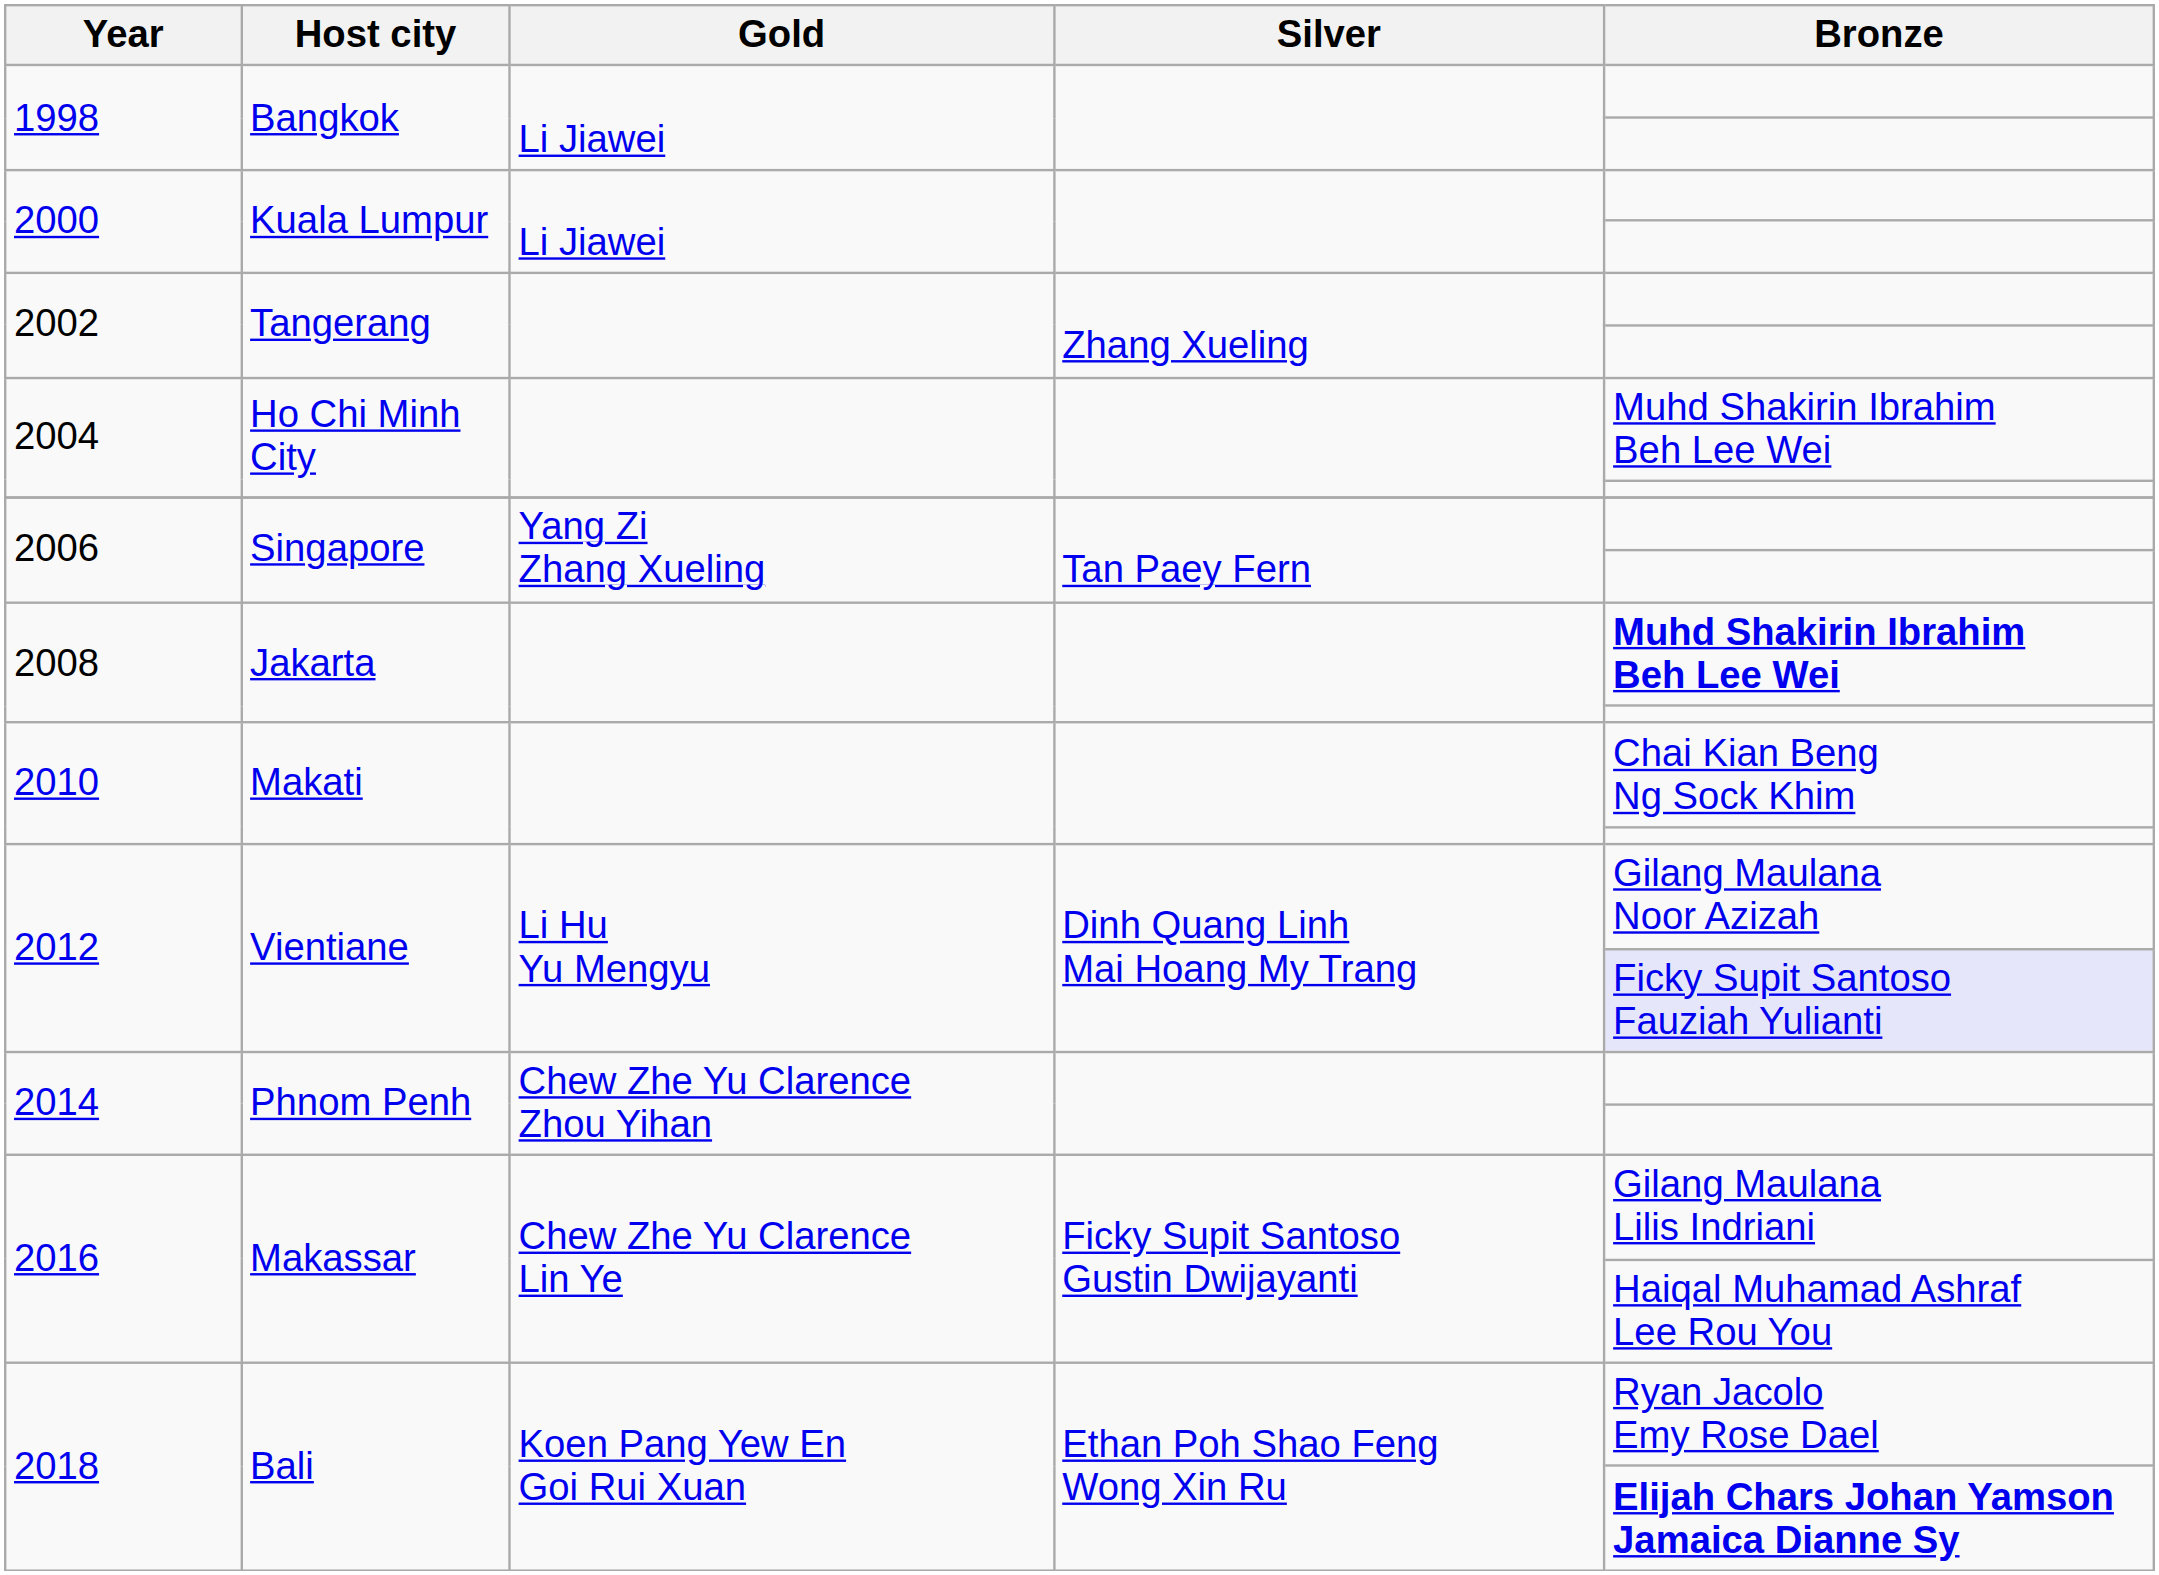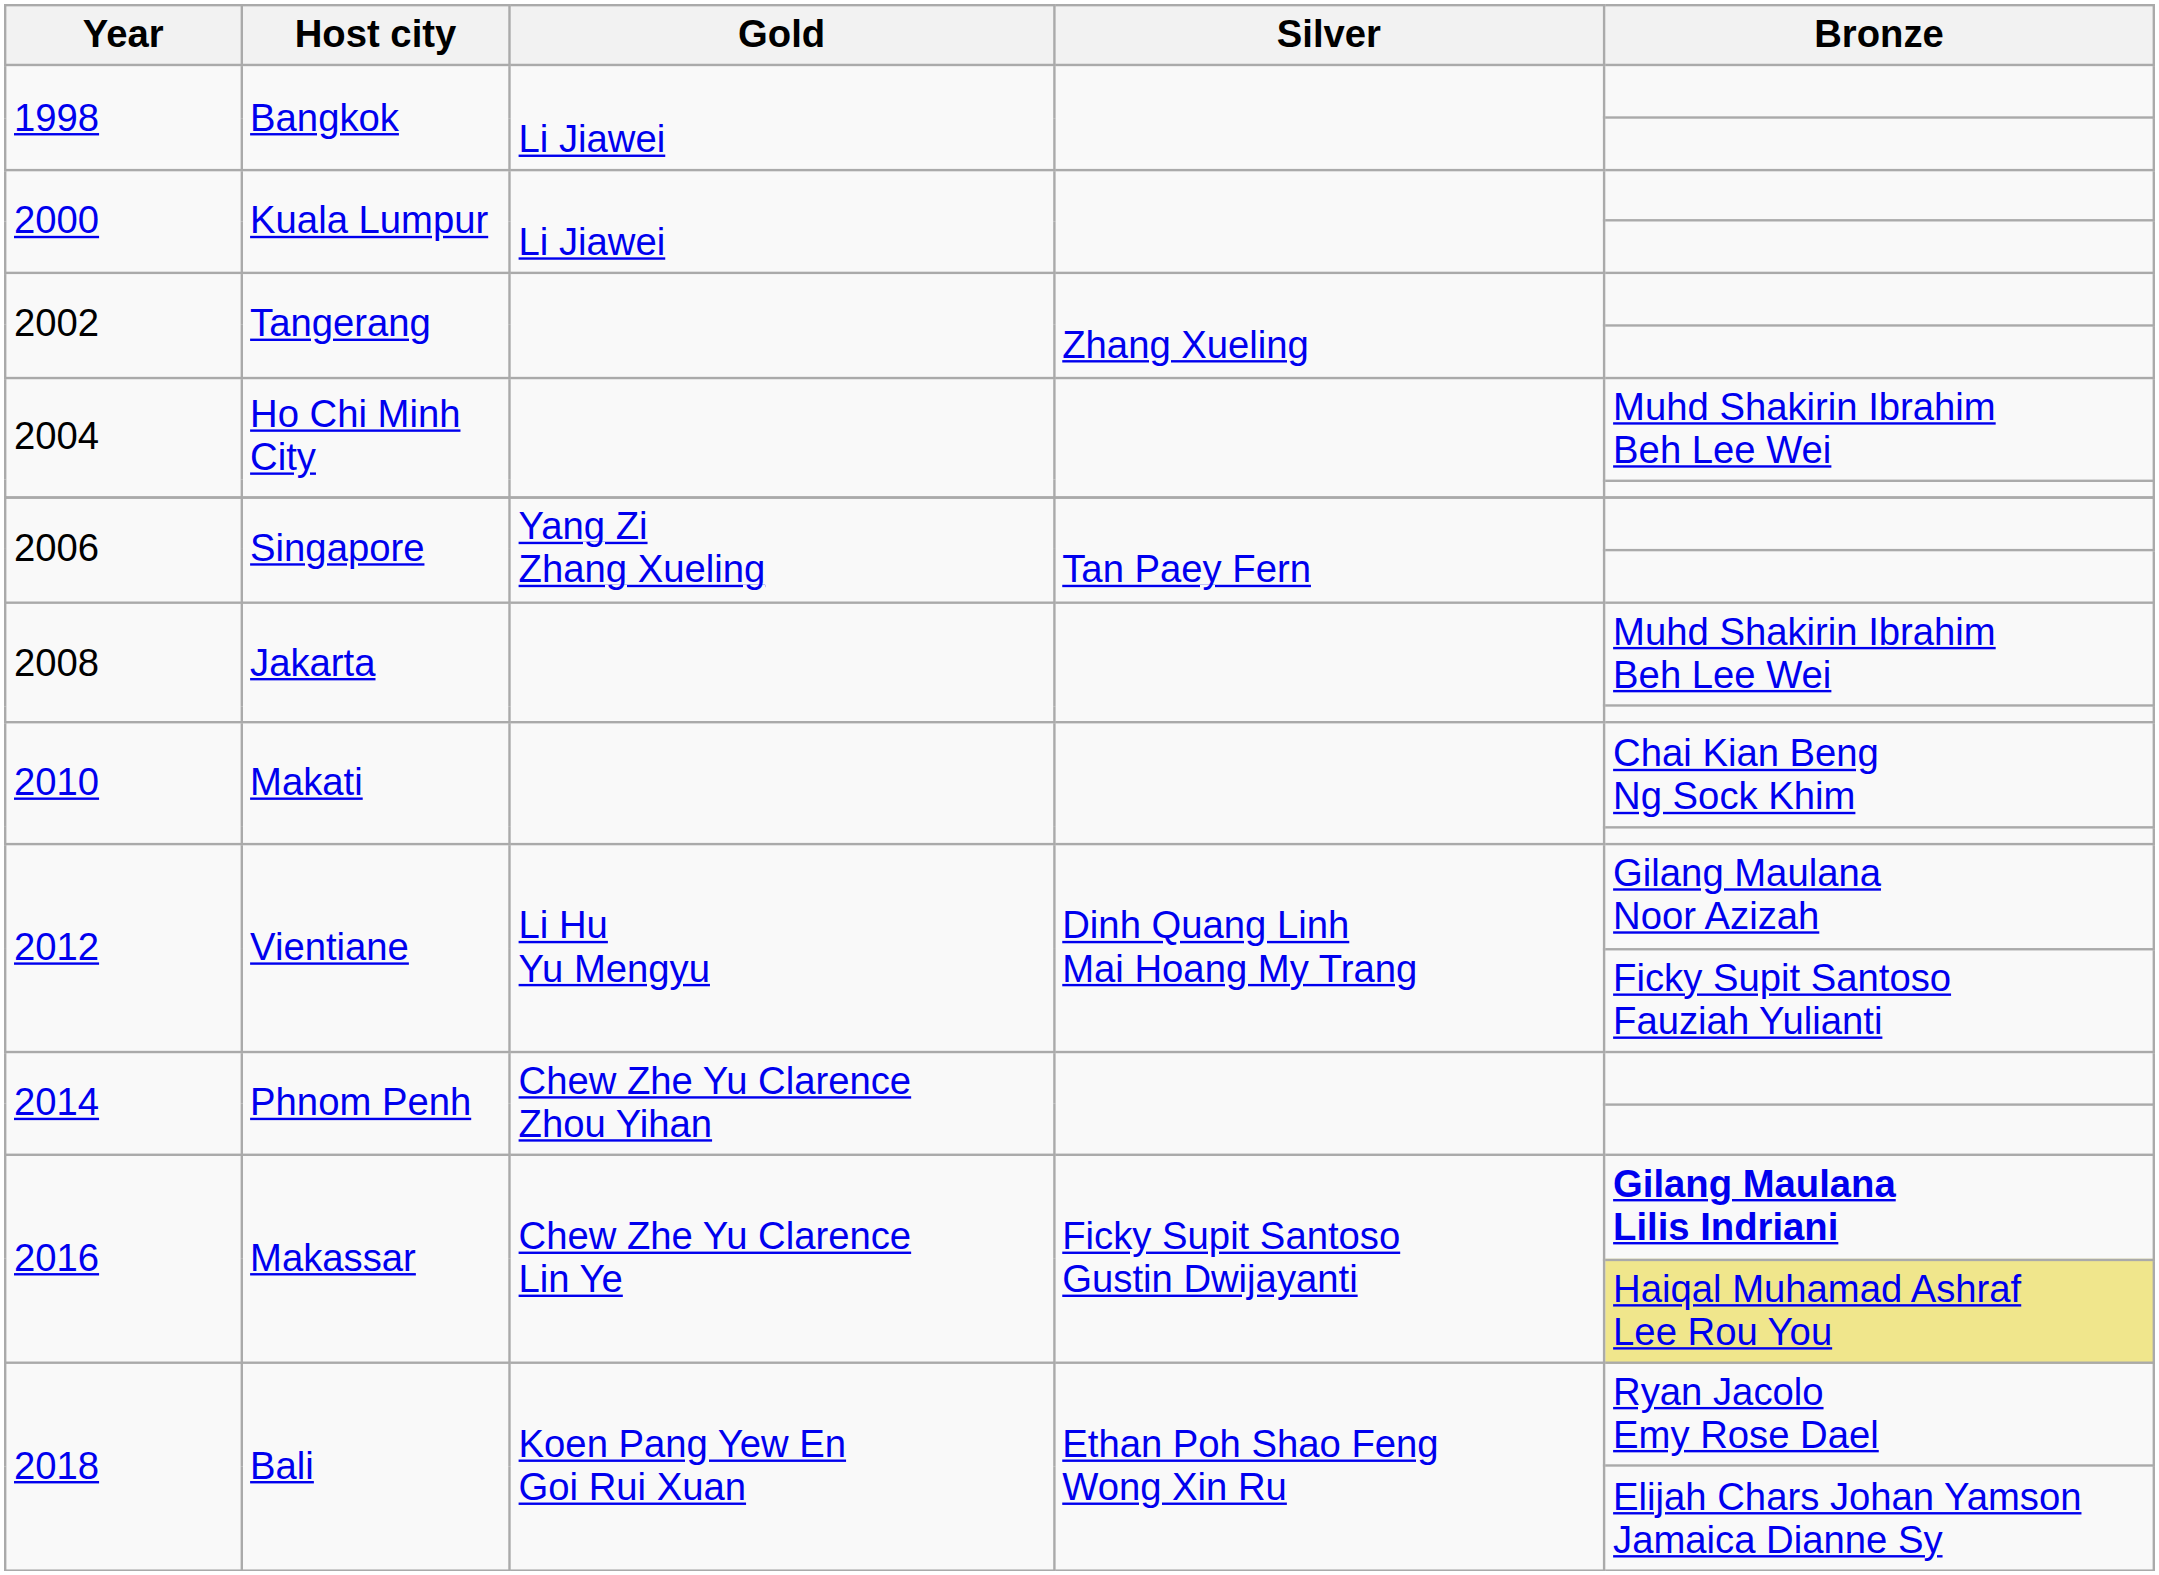 <table class="wikitable sortable" style="width:900px;">
 <tr>
 <th width="120">Year</th>
 <th width="120">Host city</th>
 <th width="300">Gold</th>
 <th width="300">Silver</th>
 <th width="300">Bronze</th>
 </tr>
 <tr>
 <td rowspan=2><a href='#'>1998</a></td>
 <td rowspan=2><a href='#'>Bangkok</a></td>
 <td rowspan=2> <br> <a href='#'>Li Jiawei</a></td>
 <td rowspan=2></td>
 <td></td>
 </tr>
 <tr>
 <td></td>
 </tr>
 <tr>
 <td rowspan=2><a href='#'>2000</a></td>
 <td rowspan=2><a href='#'>Kuala Lumpur</a></td>
 <td rowspan=2> <br> <a href='#'>Li Jiawei</a></td>
 <td rowspan=2></td>
 <td></td>
 </tr>
 <tr>
 <td></td>
 </tr>
 <tr>
 <td rowspan=2>2002</td>
 <td rowspan=2><a href='#'>Tangerang</a></td>
 <td rowspan=2></td>
 <td rowspan=2> <br> <a href='#'>Zhang Xueling</a></td>
 <td></td>
 </tr>
 <tr>
 <td></td>
 </tr>
 <tr>
 <td rowspan=2>2004</td>
 <td rowspan=2><a href='#'>Ho Chi Minh City</a></td>
 <td rowspan=2></td>
 <td rowspan=2></td>
 <td> <a href='#'>Muhd Shakirin Ibrahim</a><br> <a href='#'>Beh Lee Wei</a></td>
 </tr>
 <tr>
 <td></td>
 </tr>
 <tr>
 </tr>
 <tr>
 <td rowspan=2>2006</td>
 <td rowspan=2><a href='#'>Singapore</a></td>
 <td rowspan=2> <a href='#'>Yang Zi</a><br> <a href='#'>Zhang Xueling</a></td>
 <td rowspan=2> <br> <a href='#'>Tan Paey Fern</a></td>
 <td></td>
 </tr>
 <tr>
 <td></td>
 </tr>
 <tr>
 <td rowspan=2>2008</td>
 <td rowspan=2><a href='#'>Jakarta</a></td>
 <td rowspan=2></td>
 <td rowspan=2></td>
-<td><strong> <a href='#'>Muhd Shakirin Ibrahim</a><br> <a href='#'>Beh Lee Wei</a></strong></td>
+<td> <a href='#'>Muhd Shakirin Ibrahim</a><br> <a href='#'>Beh Lee Wei</a></td>
 </tr>
 <tr>
 <td></td>
 </tr>
 <tr>
 <td rowspan=2><a href='#'>2010</a></td>
 <td rowspan=2><a href='#'>Makati</a></td>
 <td rowspan=2></td>
 <td rowspan=2></td>
 <td> <a href='#'>Chai Kian Beng</a><br> <a href='#'>Ng Sock Khim</a></td>
 </tr>
 <tr>
 <td></td>
 </tr>
 <tr>
 <td rowspan=2><a href='#'>2012</a></td>
 <td rowspan=2><a href='#'>Vientiane</a></td>
 <td rowspan=2> <a href='#'>Li Hu</a><br> <a href='#'>Yu Mengyu</a></td>
 <td rowspan=2> <a href='#'>Dinh Quang Linh</a><br> <a href='#'>Mai Hoang My Trang</a></td>
 <td> <a href='#'>Gilang Maulana</a><br> <a href='#'>Noor Azizah</a></td>
 </tr>
 <tr>
-<td style="background: lavender;"> <a href='#'>Ficky Supit Santoso</a><br> <a href='#'>Fauziah Yulianti</a></td>
+<td> <a href='#'>Ficky Supit Santoso</a><br> <a href='#'>Fauziah Yulianti</a></td>
 </tr>
 <tr>
 <td rowspan=2><a href='#'>2014</a></td>
 <td rowspan=2><a href='#'>Phnom Penh</a></td>
 <td rowspan=2> <a href='#'>Chew Zhe Yu Clarence</a><br> <a href='#'>Zhou Yihan</a></td>
 <td rowspan=2></td>
 <td></td>
 </tr>
 <tr>
 <td></td>
 </tr>
 <tr>
 <td rowspan=2><a href='#'>2016</a></td>
 <td rowspan=2><a href='#'>Makassar</a></td>
 <td rowspan=2> <a href='#'>Chew Zhe Yu Clarence</a><br> <a href='#'>Lin Ye</a></td>
 <td rowspan=2> <a href='#'>Ficky Supit Santoso</a><br> <a href='#'>Gustin Dwijayanti</a></td>
-<td> <a href='#'>Gilang Maulana</a><br> <a href='#'>Lilis Indriani</a></td>
+<td><strong> <a href='#'>Gilang Maulana</a><br> <a href='#'>Lilis Indriani</a></strong></td>
 </tr>
 <tr>
-<td> <a href='#'>Haiqal Muhamad Ashraf</a><br> <a href='#'>Lee Rou You</a></td>
+<td style="background: khaki;"> <a href='#'>Haiqal Muhamad Ashraf</a><br> <a href='#'>Lee Rou You</a></td>
 </tr>
 <tr>
 <td rowspan=2><a href='#'>2018</a></td>
 <td rowspan=2><a href='#'>Bali</a></td>
 <td rowspan=2> <a href='#'>Koen Pang Yew En</a><br> <a href='#'>Goi Rui Xuan</a></td>
 <td rowspan=2> <a href='#'>Ethan Poh Shao Feng</a><br> <a href='#'>Wong Xin Ru</a></td>
 <td> <a href='#'>Ryan Jacolo</a><br> <a href='#'>Emy Rose Dael</a></td>
 </tr>
 <tr>
-<td><strong> <a href='#'>Elijah Chars Johan Yamson</a><br> <a href='#'>Jamaica Dianne Sy</a></strong></td>
+<td> <a href='#'>Elijah Chars Johan Yamson</a><br> <a href='#'>Jamaica Dianne Sy</a></td>
 </tr>
 </table>
